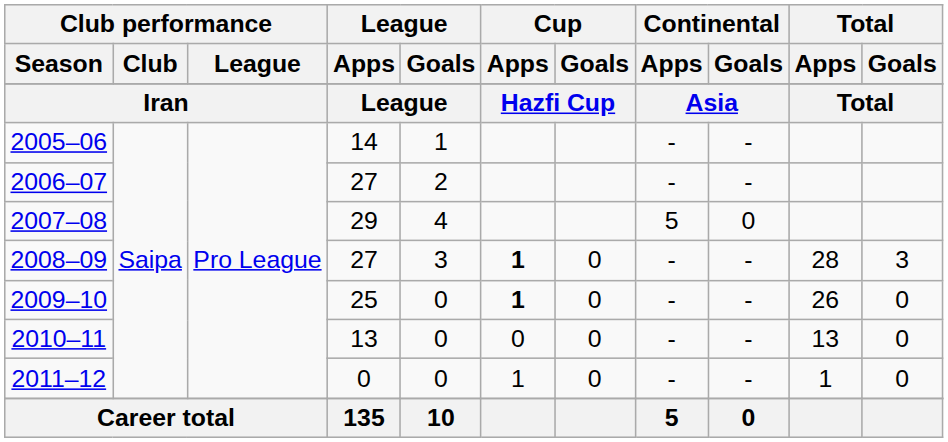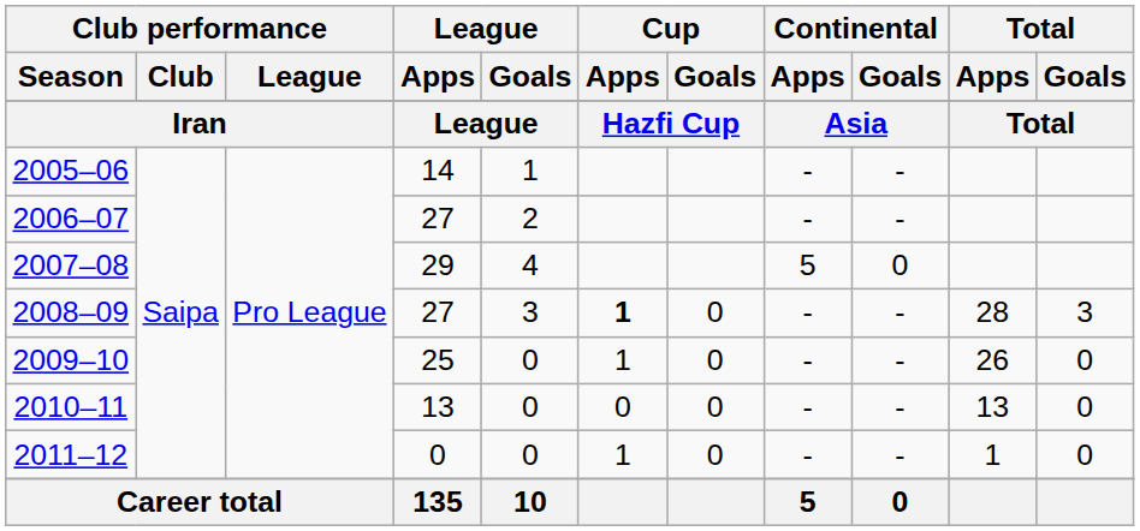 <table class="wikitable" style="text-align:center">
 <tr>
 <th colspan=3>Club performance</th>
 <th colspan=2>League</th>
 <th colspan=2>Cup</th>
 <th colspan=2>Continental</th>
 <th colspan=2>Total</th>
 </tr>
 <tr>
 <th>Season</th>
 <th>Club</th>
 <th>League</th>
 <th>Apps</th>
 <th>Goals</th>
 <th>Apps</th>
 <th>Goals</th>
 <th>Apps</th>
 <th>Goals</th>
 <th>Apps</th>
 <th>Goals</th>
 </tr>
 <tr>
 </tr>
 <tr>
 <th colspan=3>Iran</th>
 <th colspan=2>League</th>
 <th colspan=2><a href='#'>Hazfi Cup</a></th>
 <th colspan=2><a href='#'>Asia</a></th>
 <th colspan=2>Total</th>
 </tr>
 <tr>
 <td><a href='#'>2005–06</a></td>
 <td rowspan="7"><a href='#'>Saipa</a></td>
 <td rowspan="7"><a href='#'>Pro League</a></td>
 <td>14</td>
 <td>1</td>
 <td></td>
 <td></td>
 <td>-</td>
 <td>-</td>
 <td></td>
 <td></td>
 </tr>
 <tr>
 <td><a href='#'>2006–07</a></td>
 <td>27</td>
 <td>2</td>
 <td></td>
 <td></td>
 <td>-</td>
 <td>-</td>
 <td></td>
 <td></td>
 </tr>
 <tr>
 <td><a href='#'>2007–08</a></td>
 <td>29</td>
 <td>4</td>
 <td></td>
 <td></td>
 <td>5</td>
 <td>0</td>
 <td></td>
 <td></td>
 </tr>
 <tr>
 <td><a href='#'>2008–09</a></td>
 <td>27</td>
 <td>3</td>
 <td><strong>1</strong></td>
 <td>0</td>
 <td>-</td>
 <td>-</td>
 <td>28</td>
 <td>3</td>
 </tr>
 <tr>
 <td><a href='#'>2009–10</a></td>
 <td>25</td>
 <td>0</td>
-<td><strong>1</strong></td>
+<td>1</td>
 <td>0</td>
 <td>-</td>
 <td>-</td>
 <td>26</td>
 <td>0</td>
 </tr>
 <tr>
 <td><a href='#'>2010–11</a></td>
 <td>13</td>
 <td>0</td>
 <td>0</td>
 <td>0</td>
 <td>-</td>
 <td>-</td>
 <td>13</td>
 <td>0</td>
 </tr>
 <tr>
 <td><a href='#'>2011–12</a></td>
 <td>0</td>
 <td>0</td>
 <td>1</td>
 <td>0</td>
 <td>-</td>
 <td>-</td>
 <td>1</td>
 <td>0</td>
 </tr>
 <tr>
 </tr>
 <tr>
 <th colspan=3>Career total</th>
 <th>135</th>
 <th>10</th>
 <th></th>
 <th></th>
 <th>5</th>
 <th>0</th>
 <th></th>
 <th></th>
 </tr>
 </table>
